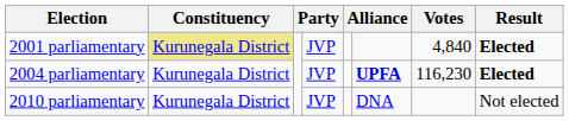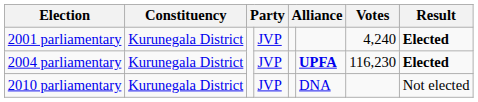 <table class="wikitable" style="text-align:left;">
 <tr>
 <th scope="col">Election</th>
 <th scope="col">Constituency</th>
 <th colspan="2" scope="col">Party</th>
 <th colspan="2" scope="col">Alliance</th>
 <th scope="col">Votes</th>
 <th scope="col">Result</th>
 </tr>
 <tr>
 <td><a href='#'>2001 parliamentary</a></td>
-<td style="background: khaki;"><a href='#'>Kurunegala District</a></td>
+<td><a href='#'>Kurunegala District</a></td>
 <td rowspan="3" style="background:"></td>
 <td><a href='#'>JVP</a></td>
 <td></td>
 <td></td>
-<td align="right">4,840</td>
+<td align="right">4,240</td>
 <td><strong>Elected</strong></td>
 </tr>
 <tr>
 <td><a href='#'>2004 parliamentary</a></td>
 <td><a href='#'>Kurunegala District</a></td>
 <td><a href='#'>JVP</a></td>
 <td style="background:"></td>
 <td><strong><a href='#'>UPFA</a></strong></td>
 <td align="right">116,230</td>
 <td><strong>Elected</strong></td>
 </tr>
 <tr>
 <td><a href='#'>2010 parliamentary</a></td>
 <td><a href='#'>Kurunegala District</a></td>
 <td><a href='#'>JVP</a></td>
 <td style="background:"></td>
 <td><a href='#'>DNA</a></td>
 <td align="right"></td>
 <td>Not elected</td>
 </tr>
 </table>
